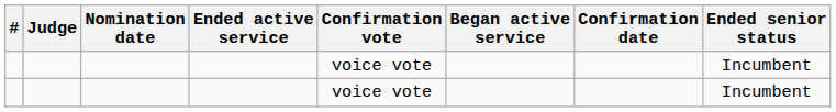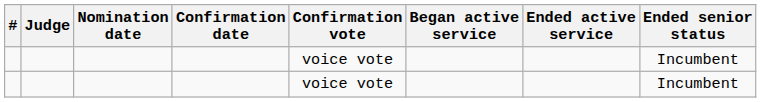 <table class="sortable wikitable">
 <tr>
 <th>#</th>
 <th>Judge</th>
 <th>Nomination<br>date</th>
-<th>Ended active<br>service</th>
+<th>Confirmation<br>date</th>
 <th>Confirmation<br>vote</th>
 <th>Began active<br>service</th>
-<th>Confirmation<br>date</th>
+<th>Ended active<br>service</th>
 <th>Ended senior<br>status</th>
 </tr>
 <tr>
 <td></td>
 <td></td>
 <td></td>
 <td></td>
 <td align=center>voice vote</td>
 <td></td>
 <td></td>
 <td align=center>Incumbent</td>
 </tr>
 <tr>
 <td></td>
 <td></td>
 <td></td>
 <td></td>
 <td align=center>voice vote</td>
 <td></td>
 <td></td>
 <td align=center>Incumbent</td>
 </tr>
 </table>
